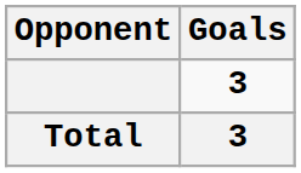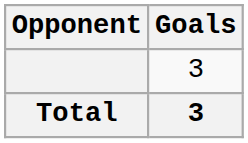 <table class="wikitable plainrowheaders sortable" style="text-align:center; font-size:95%">
 <tr>
 <th scope="col">Opponent</th>
 <th scope="col">Goals</th>
 </tr>
 <tr>
 <th scope="row"></th>
-<td><strong>3</strong></td>
+<td>3</td>
 </tr>
 <tr>
 <th>Total</th>
 <th>3</th>
 </tr>
 </table>
